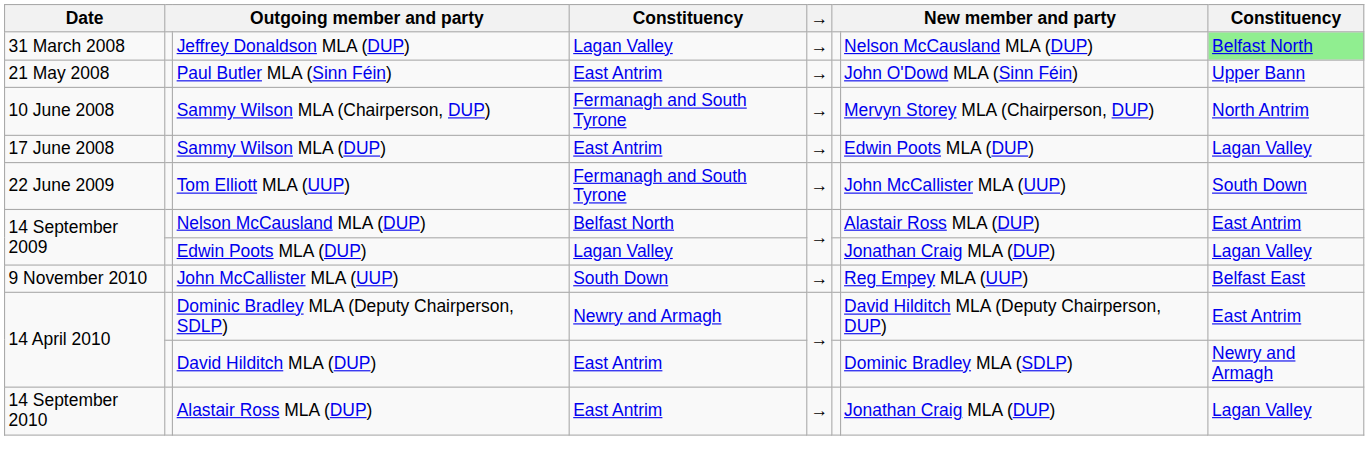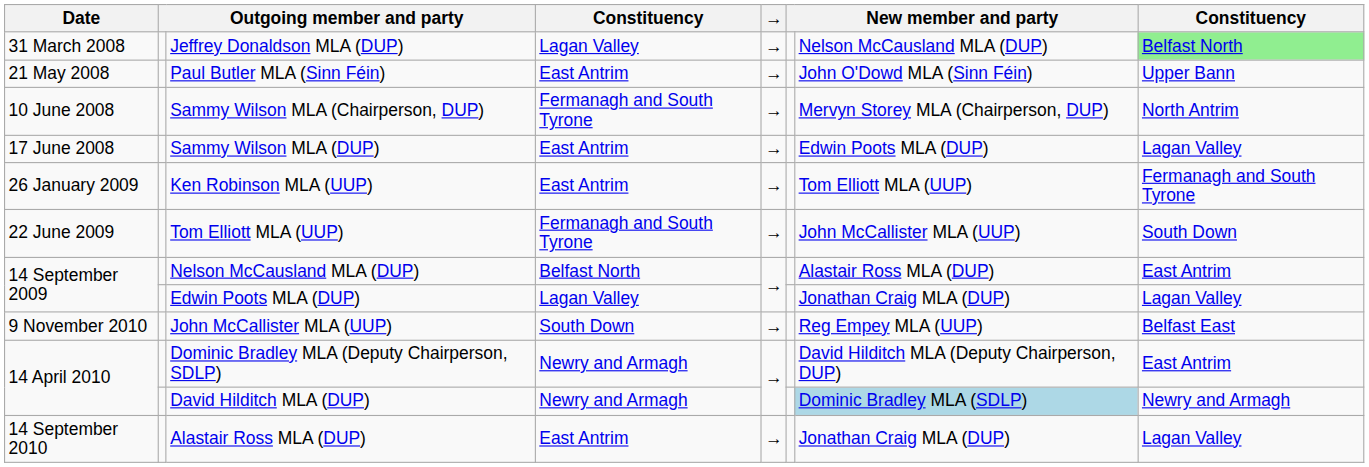 <table class="wikitable">
 <tr>
 <th valign="top">Date</th>
 <th colspan="2" valign="top">Outgoing member and party</th>
 <th valign="top">Constituency</th>
 <th>→</th>
 <th colspan="2" valign="top">New member and party</th>
 <th valign="top">Constituency</th>
 </tr>
 <tr>
 <td>31 March 2008</td>
 <td></td>
 <td><a href='#'>Jeffrey Donaldson</a> MLA (<a href='#'>DUP</a>)</td>
 <td><a href='#'>Lagan Valley</a></td>
 <td>→</td>
 <td></td>
 <td><a href='#'>Nelson McCausland</a> MLA (<a href='#'>DUP</a>)</td>
 <td style="background: lightgreen;"><a href='#'>Belfast North</a></td>
 </tr>
 <tr>
 <td>21 May 2008</td>
 <td></td>
 <td><a href='#'>Paul Butler</a> MLA (<a href='#'>Sinn Féin</a>)</td>
 <td><a href='#'>East Antrim</a></td>
 <td>→</td>
 <td></td>
 <td><a href='#'>John O'Dowd</a> MLA (<a href='#'>Sinn Féin</a>)</td>
 <td><a href='#'>Upper Bann</a></td>
 </tr>
 <tr>
 <td>10 June 2008</td>
 <td></td>
 <td><a href='#'>Sammy Wilson</a> MLA (Chairperson, <a href='#'>DUP</a>)</td>
 <td><a href='#'>Fermanagh and South Tyrone</a></td>
 <td>→</td>
 <td></td>
 <td><a href='#'>Mervyn Storey</a> MLA (Chairperson, <a href='#'>DUP</a>)</td>
 <td><a href='#'>North Antrim</a></td>
 </tr>
 <tr>
 <td>17 June 2008</td>
 <td></td>
 <td><a href='#'>Sammy Wilson</a> MLA (<a href='#'>DUP</a>)</td>
 <td><a href='#'>East Antrim</a></td>
 <td>→</td>
 <td></td>
 <td><a href='#'>Edwin Poots</a> MLA (<a href='#'>DUP</a>)</td>
 <td><a href='#'>Lagan Valley</a></td>
+</tr>
+<tr>
+<td>26 January 2009</td>
+<td></td>
+<td><a href='#'>Ken Robinson</a> MLA (<a href='#'>UUP</a>)</td>
+<td><a href='#'>East Antrim</a></td>
+<td>→</td>
+<td></td>
+<td><a href='#'>Tom Elliott</a> MLA (<a href='#'>UUP</a>)</td>
+<td><a href='#'>Fermanagh and South Tyrone</a></td>
 </tr>
 <tr>
 <td>22 June 2009</td>
 <td></td>
 <td><a href='#'>Tom Elliott</a> MLA (<a href='#'>UUP</a>)</td>
 <td><a href='#'>Fermanagh and South Tyrone</a></td>
 <td>→</td>
 <td></td>
 <td><a href='#'>John McCallister</a> MLA (<a href='#'>UUP</a>)</td>
 <td><a href='#'>South Down</a></td>
 </tr>
 <tr>
 <td rowspan=2>14 September 2009</td>
 <td></td>
 <td><a href='#'>Nelson McCausland</a> MLA (<a href='#'>DUP</a>)</td>
 <td><a href='#'>Belfast North</a></td>
 <td rowspan=2>→</td>
 <td></td>
 <td><a href='#'>Alastair Ross</a> MLA (<a href='#'>DUP</a>)</td>
 <td><a href='#'>East Antrim</a></td>
 </tr>
 <tr>
 <td></td>
 <td><a href='#'>Edwin Poots</a> MLA (<a href='#'>DUP</a>)</td>
 <td><a href='#'>Lagan Valley</a></td>
 <td></td>
 <td><a href='#'>Jonathan Craig</a> MLA (<a href='#'>DUP</a>)</td>
 <td><a href='#'>Lagan Valley</a></td>
 </tr>
 <tr>
 <td>9 November 2010</td>
 <td></td>
 <td><a href='#'>John McCallister</a> MLA (<a href='#'>UUP</a>)</td>
 <td><a href='#'>South Down</a></td>
 <td>→</td>
 <td></td>
 <td><a href='#'>Reg Empey</a> MLA (<a href='#'>UUP</a>)</td>
 <td><a href='#'>Belfast East</a></td>
 </tr>
 <tr>
 <td rowspan=2>14 April 2010</td>
 <td></td>
 <td><a href='#'>Dominic Bradley</a> MLA (Deputy Chairperson, <a href='#'>SDLP</a>)</td>
 <td><a href='#'>Newry and Armagh</a></td>
 <td rowspan=2>→</td>
 <td></td>
 <td><a href='#'>David Hilditch</a> MLA (Deputy Chairperson, <a href='#'>DUP</a>)</td>
 <td><a href='#'>East Antrim</a></td>
 </tr>
 <tr>
 <td></td>
 <td><a href='#'>David Hilditch</a> MLA (<a href='#'>DUP</a>)</td>
-<td><a href='#'>East Antrim</a></td>
+<td><a href='#'>Newry and Armagh</a></td>
 <td></td>
-<td><a href='#'>Dominic Bradley</a> MLA (<a href='#'>SDLP</a>)</td>
+<td style="background: lightblue;"><a href='#'>Dominic Bradley</a> MLA (<a href='#'>SDLP</a>)</td>
 <td><a href='#'>Newry and Armagh</a></td>
 </tr>
 <tr>
 <td>14 September 2010</td>
 <td></td>
 <td><a href='#'>Alastair Ross</a> MLA (<a href='#'>DUP</a>)</td>
 <td><a href='#'>East Antrim</a></td>
 <td>→</td>
 <td></td>
 <td><a href='#'>Jonathan Craig</a> MLA (<a href='#'>DUP</a>)</td>
 <td><a href='#'>Lagan Valley</a></td>
 </tr>
 </table>
